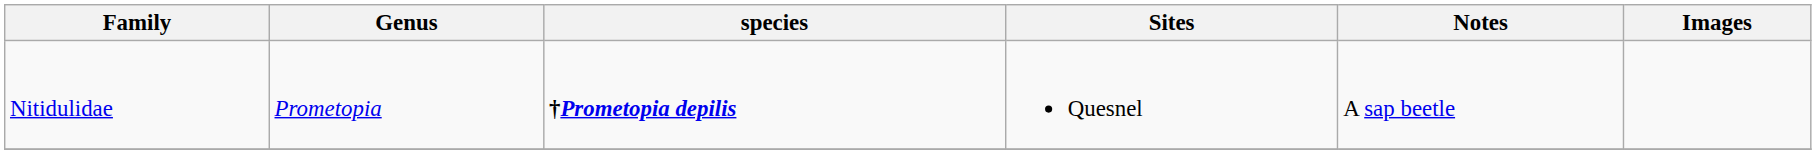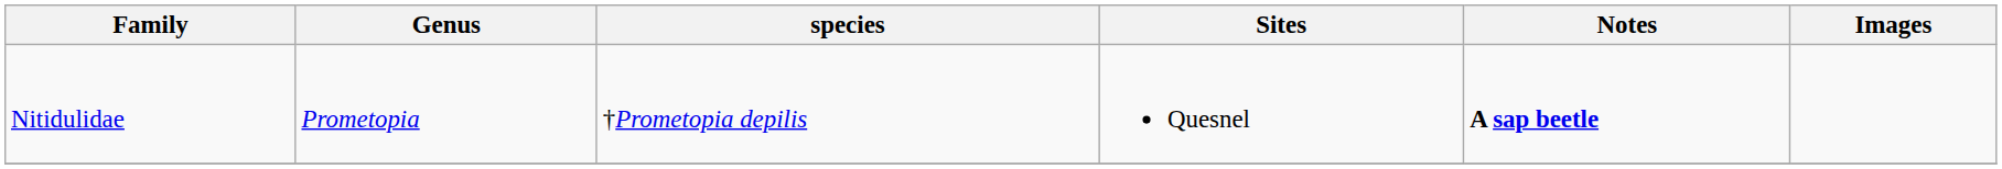 <table class="wikitable sortable"  style="margin:auto; width:100%;">
 <tr>
 <th>Family</th>
 <th>Genus</th>
 <th>species</th>
 <th>Sites</th>
 <th>Notes</th>
 <th>Images</th>
 </tr>
 <tr>
 <td><br><a href='#'>Nitidulidae</a></td>
 <td><br><em><a href='#'>Prometopia</a></em></td>
-<td><strong><br>†<em><a href='#'>Prometopia depilis</a></em></strong></td>
+<td><br>†<em><a href='#'>Prometopia depilis</a></em></td>
 <td><br><ul><li>Quesnel</li></ul></td>
-<td><br>A <a href='#'>sap beetle</a></td>
+<td><strong><br>A <a href='#'>sap beetle</a></strong></td>
 <td><br></td>
 </tr>
 <tr>
 </tr>
 </table>
